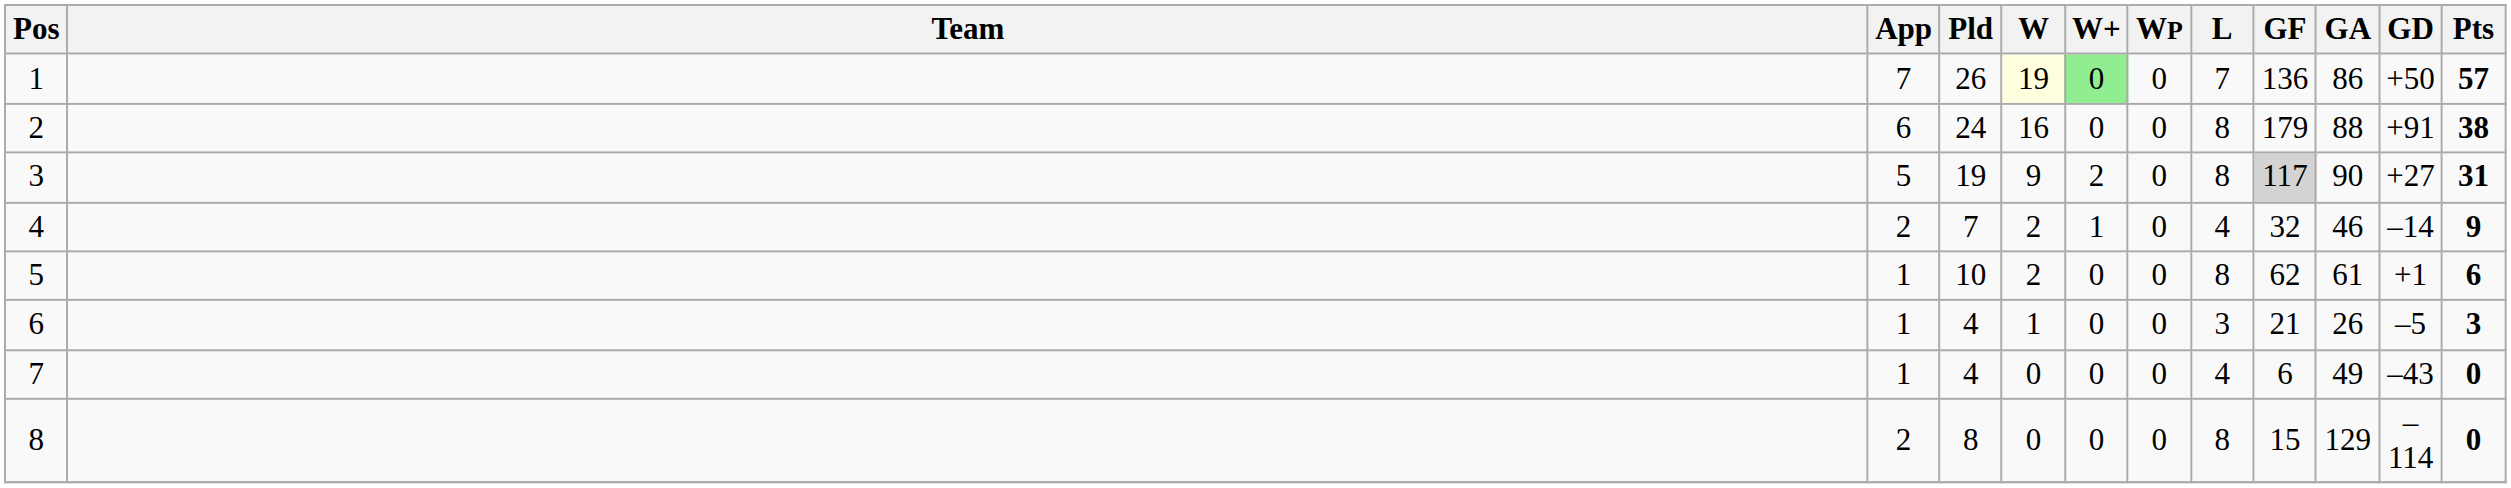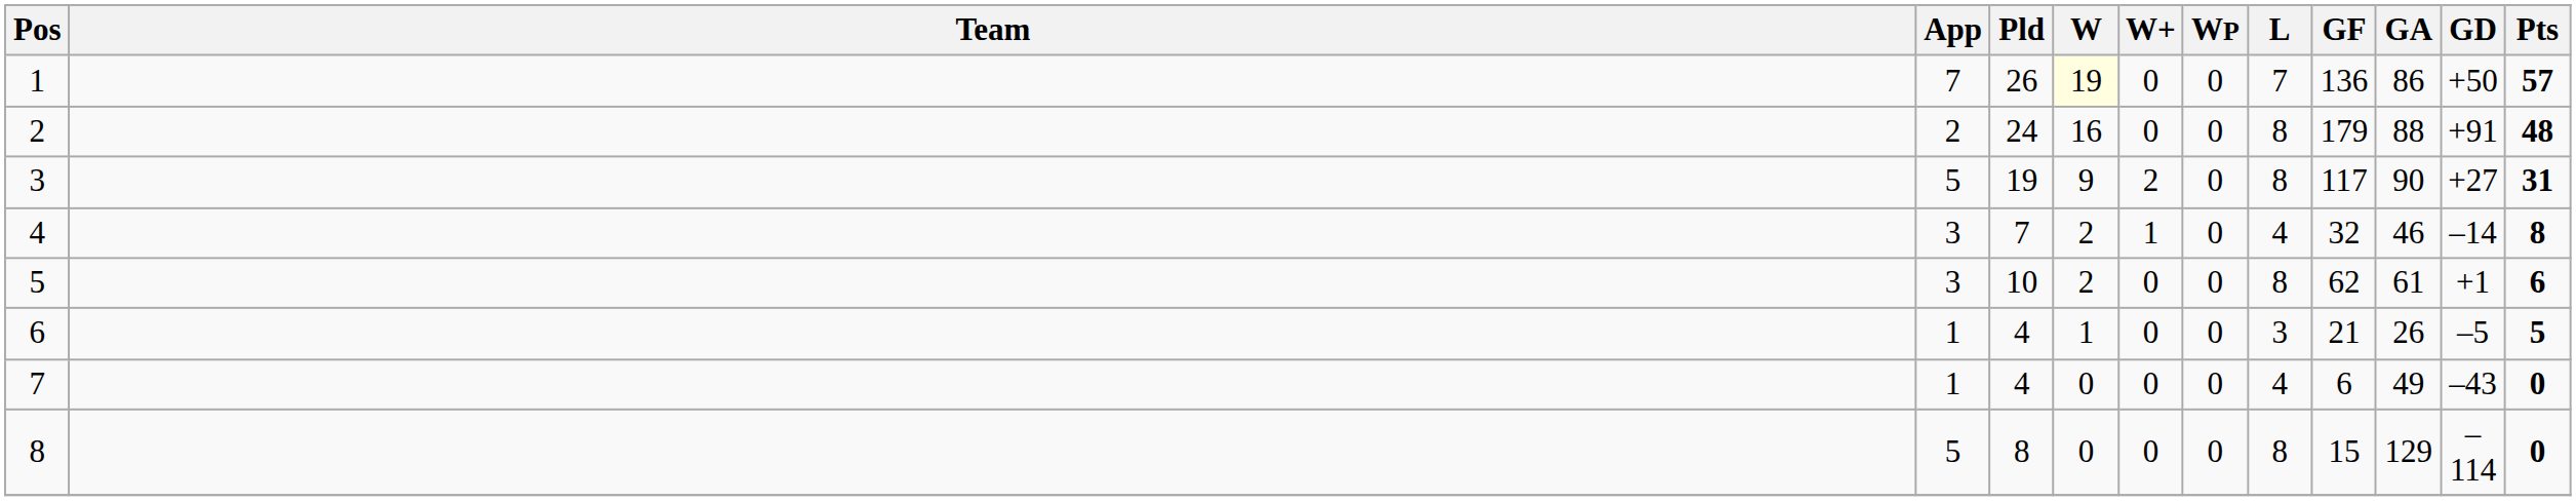 <table class="wikitable sortable" width=65% style="text-align:center">
 <tr>
 <th width=25>Pos</th>
 <th>Team</th>
 <th width=25>App</th>
 <th width=25>Pld</th>
 <th width=25>W</th>
 <th width=25>W+</th>
 <th width=25>W<small>P</small></th>
 <th width=25>L</th>
 <th width=25>GF</th>
 <th width=25>GA</th>
 <th width=25>GD</th>
 <th width=25>Pts</th>
 </tr>
 <tr>
 <td>1</td>
 <td style="text-align:left;"></td>
 <td>7</td>
 <td>26</td>
 <td style="background: lightyellow;">19</td>
-<td style="background: lightgreen;">0</td>
+<td>0</td>
 <td>0</td>
 <td>7</td>
 <td>136</td>
 <td>86</td>
 <td>+50</td>
 <td><strong>57</strong></td>
 </tr>
 <tr>
 <td>2</td>
 <td style="text-align:left;"></td>
-<td>6</td>
+<td>2</td>
 <td>24</td>
 <td>16</td>
 <td>0</td>
 <td>0</td>
 <td>8</td>
 <td>179</td>
 <td>88</td>
 <td>+91</td>
-<td><strong>38</strong></td>
+<td><strong>48</strong></td>
 </tr>
 <tr>
 <td>3</td>
 <td style="text-align:left;"></td>
 <td>5</td>
 <td>19</td>
 <td>9</td>
 <td>2</td>
 <td>0</td>
 <td>8</td>
-<td style="background: lightgrey;">117</td>
+<td>117</td>
 <td>90</td>
 <td>+27</td>
 <td><strong>31</strong></td>
 </tr>
 <tr>
 <td>4</td>
 <td style="text-align:left;"></td>
-<td>2</td>
+<td>3</td>
 <td>7</td>
 <td>2</td>
 <td>1</td>
 <td>0</td>
 <td>4</td>
 <td>32</td>
 <td>46</td>
 <td>–14</td>
-<td><strong>9</strong></td>
+<td><strong>8</strong></td>
 </tr>
 <tr>
 <td>5</td>
 <td style="text-align:left;"></td>
-<td>1</td>
+<td>3</td>
 <td>10</td>
 <td>2</td>
 <td>0</td>
 <td>0</td>
 <td>8</td>
 <td>62</td>
 <td>61</td>
 <td>+1</td>
 <td><strong>6</strong></td>
 </tr>
 <tr>
 <td>6</td>
 <td style="text-align:left;"></td>
 <td>1</td>
 <td>4</td>
 <td>1</td>
 <td>0</td>
 <td>0</td>
 <td>3</td>
 <td>21</td>
 <td>26</td>
 <td>–5</td>
-<td><strong>3</strong></td>
+<td><strong>5</strong></td>
 </tr>
 <tr>
 <td>7</td>
 <td style="text-align:left;"></td>
 <td>1</td>
 <td>4</td>
 <td>0</td>
 <td>0</td>
 <td>0</td>
 <td>4</td>
 <td>6</td>
 <td>49</td>
 <td>–43</td>
 <td><strong>0</strong></td>
 </tr>
 <tr>
 <td>8</td>
 <td style="text-align:left;"></td>
-<td>2</td>
+<td>5</td>
 <td>8</td>
 <td>0</td>
 <td>0</td>
 <td>0</td>
 <td>8</td>
 <td>15</td>
 <td>129</td>
 <td>–114</td>
 <td><strong>0</strong></td>
 </tr>
 <tr>
 </tr>
 </table>
